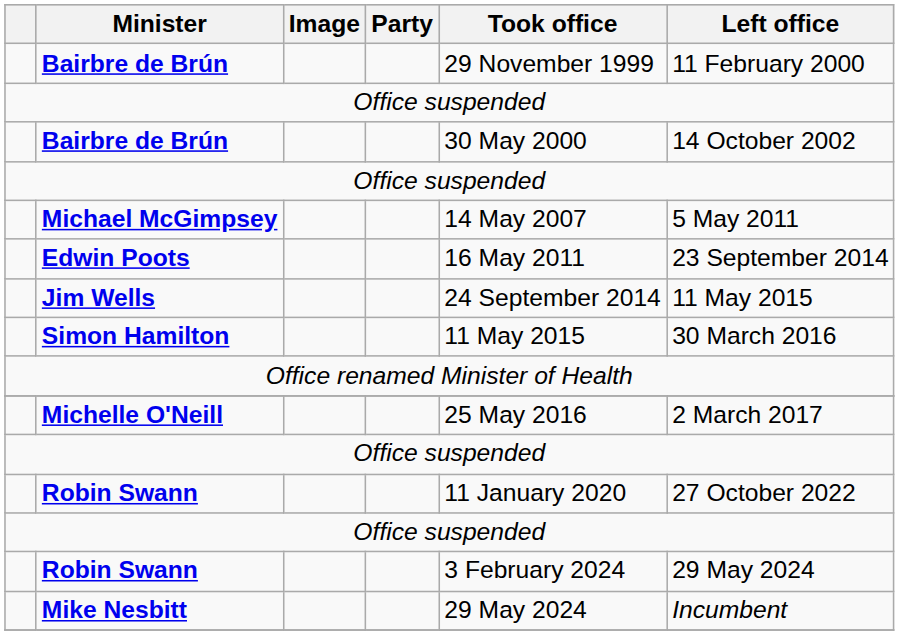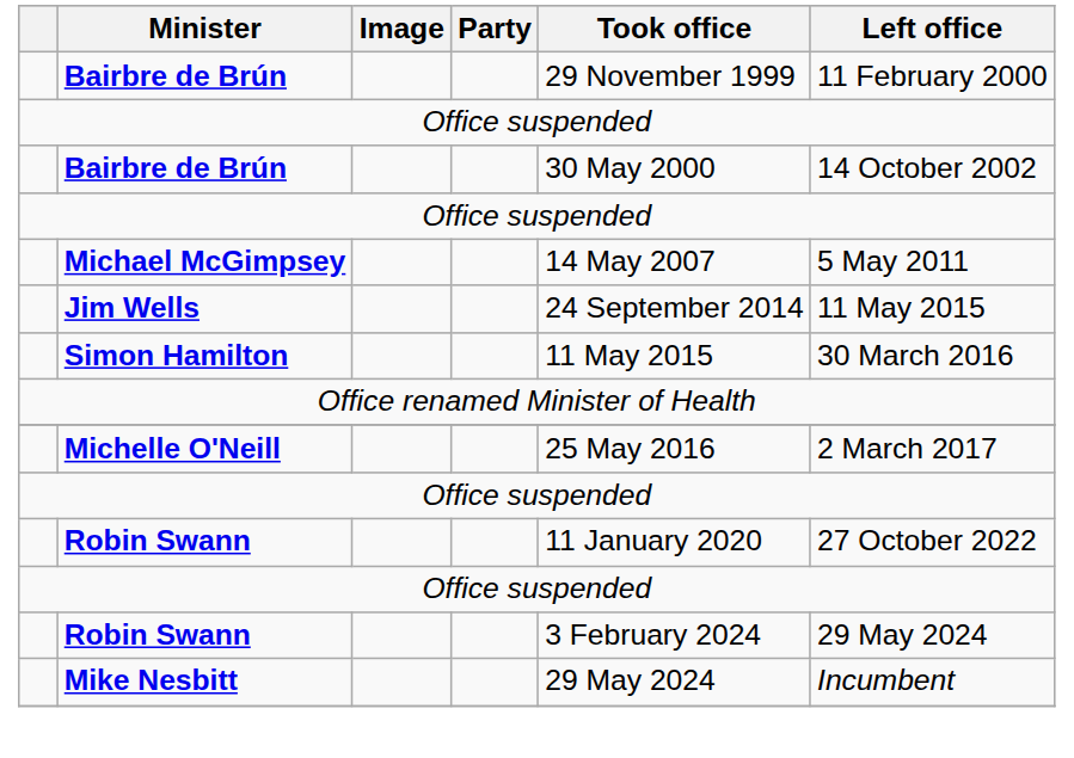 <table class="wikitable" style="margin: 1em auto 1em auto">
 <tr bgcolor=cccccc>
 <th></th>
 <th>Minister</th>
 <th>Image</th>
 <th>Party</th>
 <th>Took office</th>
 <th>Left office</th>
 </tr>
 <tr>
 <td style="background:">   </td>
 <td><strong><a href='#'>Bairbre de Brún</a></strong></td>
 <td></td>
 <td></td>
 <td>29 November 1999</td>
 <td>11 February 2000</td>
 </tr>
 <tr>
 <td colspan="6" align="center"><em>Office suspended</em></td>
 </tr>
 <tr>
 <td style="background:">   </td>
 <td><strong><a href='#'>Bairbre de Brún</a></strong></td>
 <td></td>
 <td></td>
 <td>30 May 2000</td>
 <td>14 October 2002</td>
 </tr>
 <tr>
 <td colspan="6" align="center"><em>Office suspended</em></td>
 </tr>
 <tr>
 <td style="background:">   </td>
 <td><strong><a href='#'>Michael McGimpsey</a></strong></td>
 <td></td>
 <td></td>
 <td>14 May 2007</td>
 <td>5 May 2011</td>
-</tr>
-<tr>
-<td style="background:">   </td>
-<td><strong><a href='#'>Edwin Poots</a></strong></td>
-<td></td>
-<td></td>
-<td>16 May 2011</td>
-<td>23 September 2014</td>
 </tr>
 <tr>
 <td style="background:">   </td>
 <td><strong><a href='#'>Jim Wells</a></strong></td>
 <td></td>
 <td></td>
 <td>24 September 2014</td>
 <td>11 May 2015</td>
 </tr>
 <tr>
 <td style="background:">   </td>
 <td><strong><a href='#'>Simon Hamilton</a></strong></td>
 <td></td>
 <td></td>
 <td>11 May 2015</td>
 <td>30 March 2016</td>
 </tr>
 <tr>
 <td colspan="6" align="center"><em>Office renamed Minister of Health</em></td>
 </tr>
 <tr>
 </tr>
 <tr>
 <td style="background:">   </td>
 <td><strong><a href='#'>Michelle O'Neill</a></strong></td>
 <td></td>
 <td></td>
 <td>25 May 2016</td>
 <td>2 March 2017</td>
 </tr>
 <tr>
 <td colspan="6" align="center"><em>Office suspended</em></td>
 </tr>
 <tr>
 <td style="background:">   </td>
 <td><strong><a href='#'>Robin Swann</a></strong></td>
 <td></td>
 <td></td>
 <td>11 January 2020</td>
 <td>27 October 2022</td>
 </tr>
 <tr>
 <td colspan="6" align="center"><em>Office suspended</em></td>
 </tr>
 <tr>
 <td style="background:">   </td>
 <td><strong><a href='#'>Robin Swann</a></strong></td>
 <td></td>
 <td></td>
 <td>3 February 2024</td>
 <td>29 May 2024</td>
 </tr>
 <tr>
 <td style="background:">   </td>
 <td><strong><a href='#'>Mike Nesbitt</a></strong></td>
 <td></td>
 <td></td>
 <td>29 May 2024</td>
 <td><em>Incumbent</em></td>
 </tr>
 <tr>
 </tr>
 </table>
